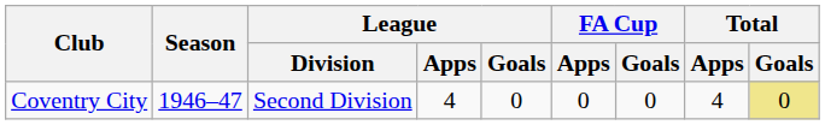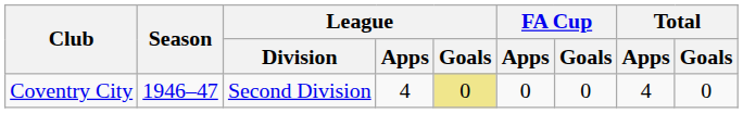 <table class="wikitable" style="text-align:center">
 <tr>
 <th rowspan="2">Club</th>
 <th rowspan="2">Season</th>
 <th colspan="3">League</th>
 <th colspan="2"><a href='#'>FA Cup</a></th>
 <th colspan="2">Total</th>
 </tr>
 <tr>
 <th>Division</th>
 <th>Apps</th>
 <th>Goals</th>
 <th>Apps</th>
 <th>Goals</th>
 <th>Apps</th>
 <th>Goals</th>
 </tr>
 <tr>
 <td><a href='#'>Coventry City</a></td>
 <td><a href='#'>1946–47</a></td>
 <td><a href='#'>Second Division</a></td>
 <td>4</td>
-<td>0</td>
+<td style="background: khaki;">0</td>
 <td>0</td>
 <td>0</td>
 <td>4</td>
-<td style="background: khaki;">0</td>
+<td>0</td>
 </tr>
 </table>
